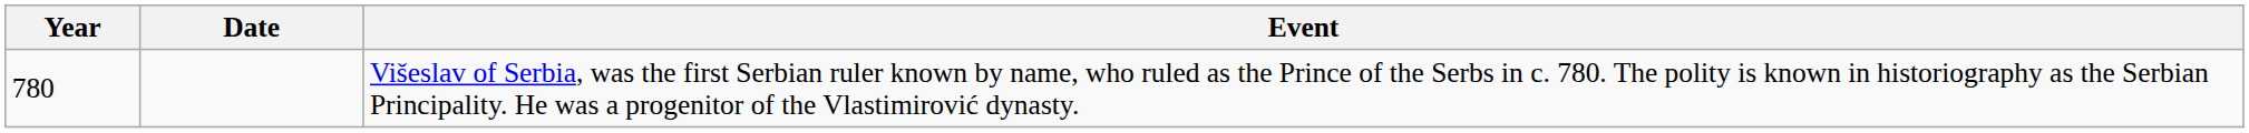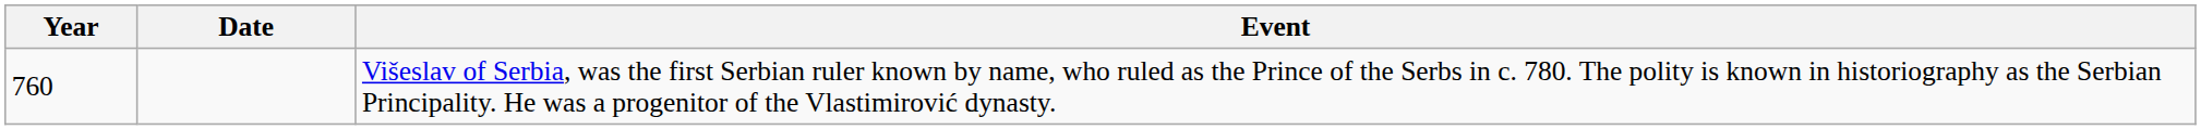 <table class="wikitable" width="100%">
 <tr>
 <th style="width:6%">Year</th>
 <th style="width:10%">Date</th>
 <th>Event</th>
 </tr>
 <tr>
-<td>780</td>
+<td>760</td>
 <td></td>
 <td><a href='#'>Višeslav of Serbia</a>, was the first Serbian ruler known by name, who ruled as the Prince of the Serbs in c. 780. The polity is known in historiography as the Serbian Principality. He was a progenitor of the Vlastimirović dynasty.</td>
 </tr>
 </table>
